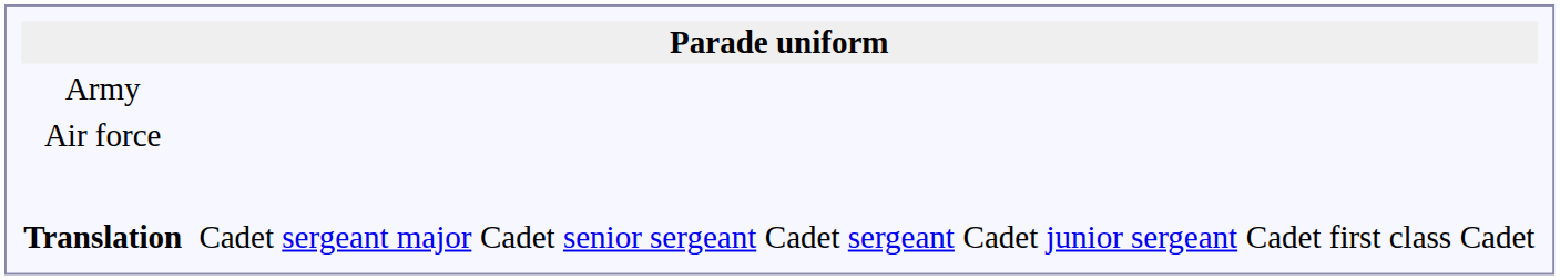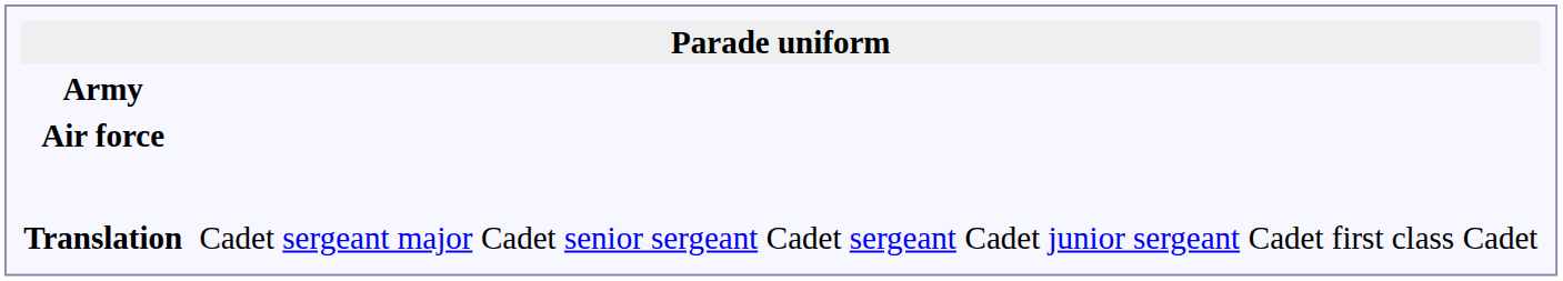 <table style="border:1px solid #8888aa; background-color:#f7f8ff; padding:5px; font-size:95%; margin: 0px 12px 12px 0px;">
 <tr style="background:#efefef;">
 <th colspan=38>Parade uniform</th>
 </tr>
 <tr style="text-align:center;">
-<td>Army</td>
+<td><strong>Army</strong></td>
 <td colspan=6 rowspan=2></td>
 <td colspan=2></td>
 <td colspan=2></td>
 <td colspan=6></td>
 <td colspan=6></td>
 <td colspan=4></td>
 <td colspan=10></td>
 </tr>
 <tr style="text-align:center;">
-<td>Air force</td>
+<td><strong>Air force</strong></td>
 <td colspan=2></td>
 <td colspan=2></td>
 <td colspan=6></td>
 <td colspan=6></td>
 <td colspan=4></td>
 <td colspan=10></td>
 </tr>
 <tr style="text-align:center;">
 <td></td>
 <td colspan=6></td>
 <td colspan=2><br></td>
 <td colspan=2><br></td>
 <td colspan=6><br></td>
 <td colspan=6><br></td>
 <td colspan=4><br></td>
 <td colspan=10><br></td>
 </tr>
 <tr style="text-align:center;">
 <td colspan=36></td>
 </tr>
 <tr style="text-align:center;">
 <th>Translation</th>
 <td colspan=6></td>
 <td colspan=2>Cadet <a href='#'>sergeant major</a></td>
 <td colspan=2>Cadet <a href='#'>senior sergeant</a></td>
 <td colspan=6>Cadet <a href='#'>sergeant</a></td>
 <td colspan=6>Cadet <a href='#'>junior sergeant</a></td>
 <td colspan=4>Cadet first class</td>
 <td colspan=10>Cadet</td>
 </tr>
 </table>
